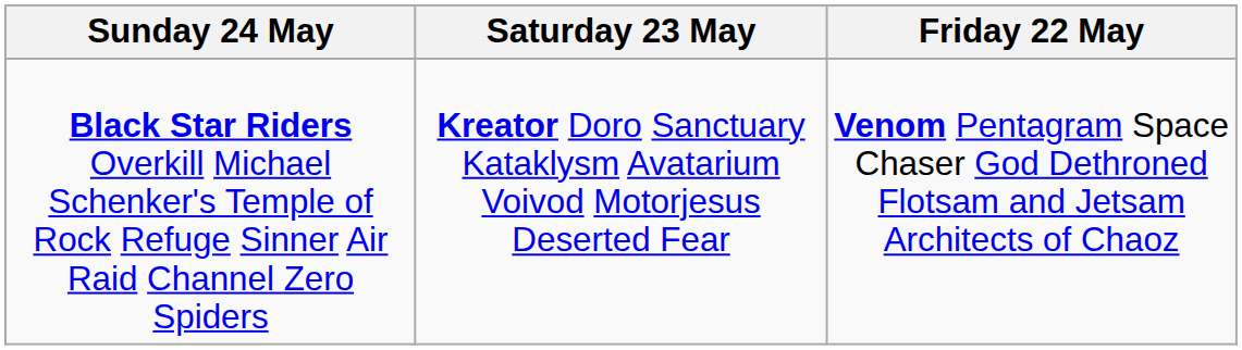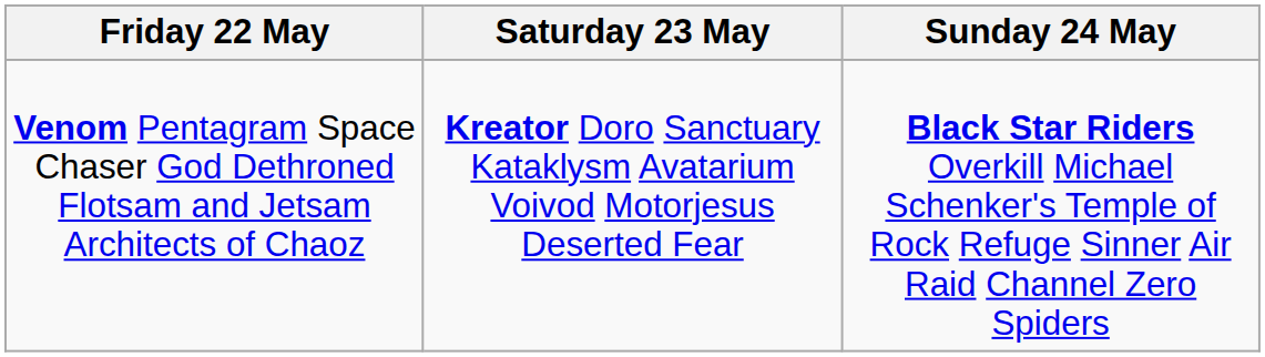 <table class="wikitable">
 <tr>
+<th>Friday 22 May</th>
+<th>Saturday 23 May</th>
 <th>Sunday 24 May</th>
-<th>Saturday 23 May</th>
-<th>Friday 22 May</th>
 </tr>
 <tr>
+<td valign="top" align="center" width=185><br><strong><a href='#'>Venom</a></strong> <a href='#'>Pentagram</a> Space Chaser <a href='#'>God Dethroned</a> <a href='#'>Flotsam and Jetsam</a> <a href='#'>Architects of Chaoz</a></td>
+<td valign="top" align="center" width=185><br><strong><a href='#'>Kreator</a></strong> <a href='#'>Doro</a> <a href='#'>Sanctuary</a> <a href='#'>Kataklysm</a> <a href='#'>Avatarium</a> <a href='#'>Voivod</a> <a href='#'>Motorjesus</a> <a href='#'>Deserted Fear</a></td>
 <td valign="top" align="center" width=185><br><strong><a href='#'>Black Star Riders</a></strong> <a href='#'>Overkill</a> <a href='#'>Michael Schenker's Temple of Rock</a> <a href='#'>Refuge</a> <a href='#'>Sinner</a> <a href='#'>Air Raid</a> <a href='#'>Channel Zero</a> <a href='#'>Spiders</a></td>
-<td valign="top" align="center" width=185><br><strong><a href='#'>Kreator</a></strong> <a href='#'>Doro</a> <a href='#'>Sanctuary</a> <a href='#'>Kataklysm</a> <a href='#'>Avatarium</a> <a href='#'>Voivod</a> <a href='#'>Motorjesus</a> <a href='#'>Deserted Fear</a></td>
-<td valign="top" align="center" width=185><br><strong><a href='#'>Venom</a></strong> <a href='#'>Pentagram</a> Space Chaser <a href='#'>God Dethroned</a> <a href='#'>Flotsam and Jetsam</a> <a href='#'>Architects of Chaoz</a></td>
 </tr>
 </table>
